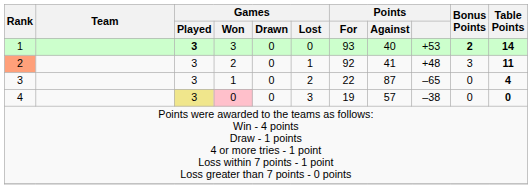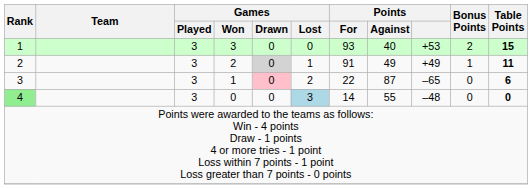 <table class="wikitable"  style="text-align: center;">
 <tr>
 <th rowspan="2" width="20">Rank</th>
 <th rowspan="2" width="200">Team</th>
 <th colspan="4">Games</th>
 <th colspan="3">Points</th>
 <th rowspan="2" width="50">Bonus<br>Points</th>
 <th rowspan="2" width="50">Table Points</th>
 </tr>
 <tr>
 <th width="50">Played</th>
 <th width="50">Won</th>
 <th width="50">Drawn</th>
 <th width="50">Lost</th>
 <th width="50">For</th>
 <th width="50">Against</th>
 <th width="50"></th>
 </tr>
 <tr bgcolor="#ccffcc">
 <td>1</td>
 <td align=left></td>
-<td><strong>3</strong></td>
+<td>3</td>
 <td>3</td>
 <td>0</td>
 <td>0</td>
 <td>93</td>
 <td>40</td>
 <td>+53</td>
-<td><strong>2</strong></td>
-<td><strong>14</strong></td>
+<td>2</td>
+<td><strong>15</strong></td>
 </tr>
 <tr>
-<td style="background: lightsalmon;">2</td>
+<td>2</td>
 <td align=left></td>
 <td>3</td>
 <td>2</td>
-<td>0</td>
+<td style="background: lightgrey;">0</td>
 <td>1</td>
-<td>92</td>
-<td>41</td>
-<td>+48</td>
-<td>3</td>
+<td>91</td>
+<td>49</td>
+<td>+49</td>
+<td>1</td>
 <td><strong>11</strong></td>
 </tr>
 <tr>
 <td>3</td>
 <td align=left></td>
 <td>3</td>
 <td>1</td>
-<td>0</td>
+<td style="background: pink;">0</td>
 <td>2</td>
 <td>22</td>
 <td>87</td>
 <td>–65</td>
 <td>0</td>
-<td><strong>4</strong></td>
+<td><strong>6</strong></td>
 </tr>
 <tr>
-<td>4</td>
+<td style="background: lightgreen;">4</td>
 <td align=left></td>
-<td style="background: khaki;">3</td>
-<td style="background: pink;">0</td>
+<td>3</td>
 <td>0</td>
-<td>3</td>
-<td>19</td>
-<td>57</td>
-<td>–38</td>
+<td>0</td>
+<td style="background: lightblue;">3</td>
+<td>14</td>
+<td>55</td>
+<td>–48</td>
 <td>0</td>
 <td><strong>0</strong></td>
 </tr>
 <tr>
 <td colspan="100%" style="text-align:center;">Points were awarded to the teams as follows:<br>Win - 4 points<br>Draw - 1 points<br> 4 or more tries - 1 point<br> Loss within 7 points - 1 point<br>Loss greater than 7 points - 0 points</td>
 </tr>
 <tr>
 </tr>
 </table>
